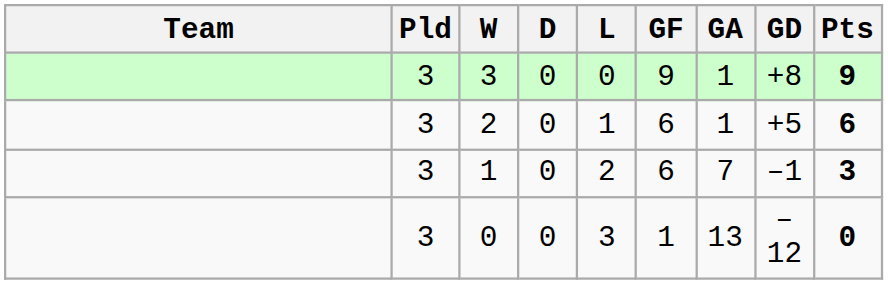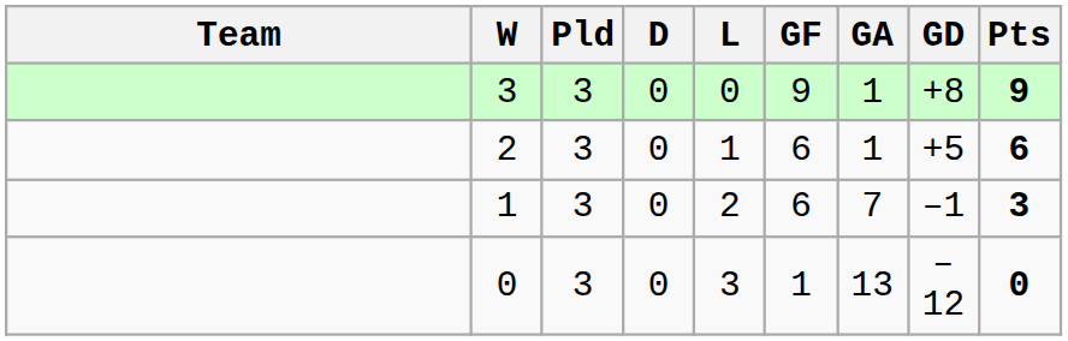 <table class="wikitable" style="text-align: center;">
 <tr>
 <th width=165>Team</th>
+<th width=20>W</th>
 <th width=20>Pld</th>
-<th width=20>W</th>
 <th width=20>D</th>
 <th width=20>L</th>
 <th width=20>GF</th>
 <th width=20>GA</th>
 <th width=20>GD</th>
 <th width=20>Pts</th>
 </tr>
 <tr bgcolor=#ccffcc>
 <td align=left></td>
 <td>3</td>
 <td>3</td>
 <td>0</td>
 <td>0</td>
 <td>9</td>
 <td>1</td>
 <td>+8</td>
 <td><strong>9</strong></td>
 </tr>
 <tr>
 <td align=left></td>
+<td>2</td>
 <td>3</td>
-<td>2</td>
 <td>0</td>
 <td>1</td>
 <td>6</td>
 <td>1</td>
 <td>+5</td>
 <td><strong>6</strong></td>
 </tr>
 <tr>
 <td align=left></td>
+<td>1</td>
 <td>3</td>
-<td>1</td>
 <td>0</td>
 <td>2</td>
 <td>6</td>
 <td>7</td>
 <td>–1</td>
 <td><strong>3</strong></td>
 </tr>
 <tr>
 <td align=left></td>
+<td>0</td>
 <td>3</td>
-<td>0</td>
 <td>0</td>
 <td>3</td>
 <td>1</td>
 <td>13</td>
 <td>–12</td>
 <td><strong>0</strong></td>
 </tr>
 </table>
